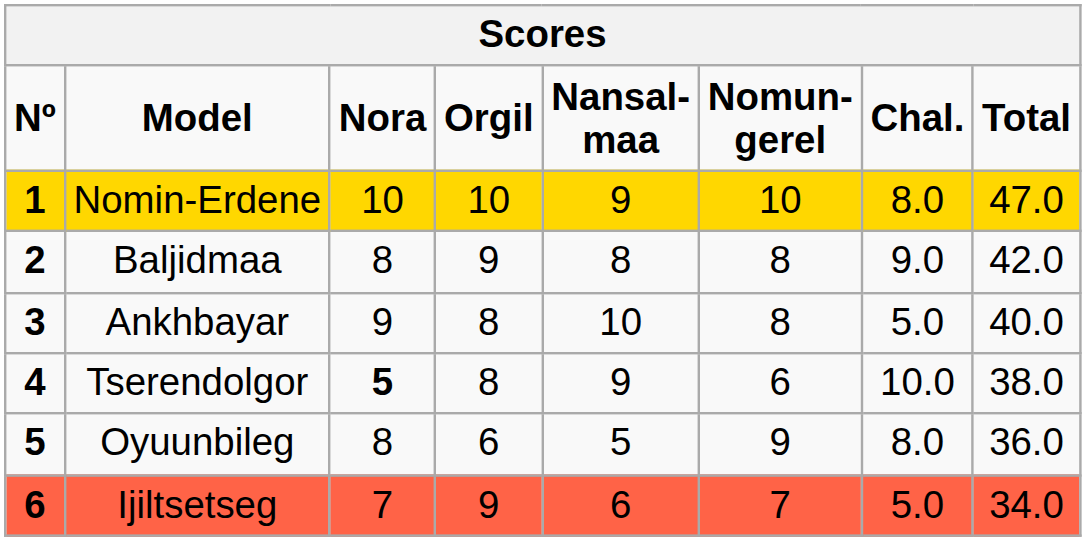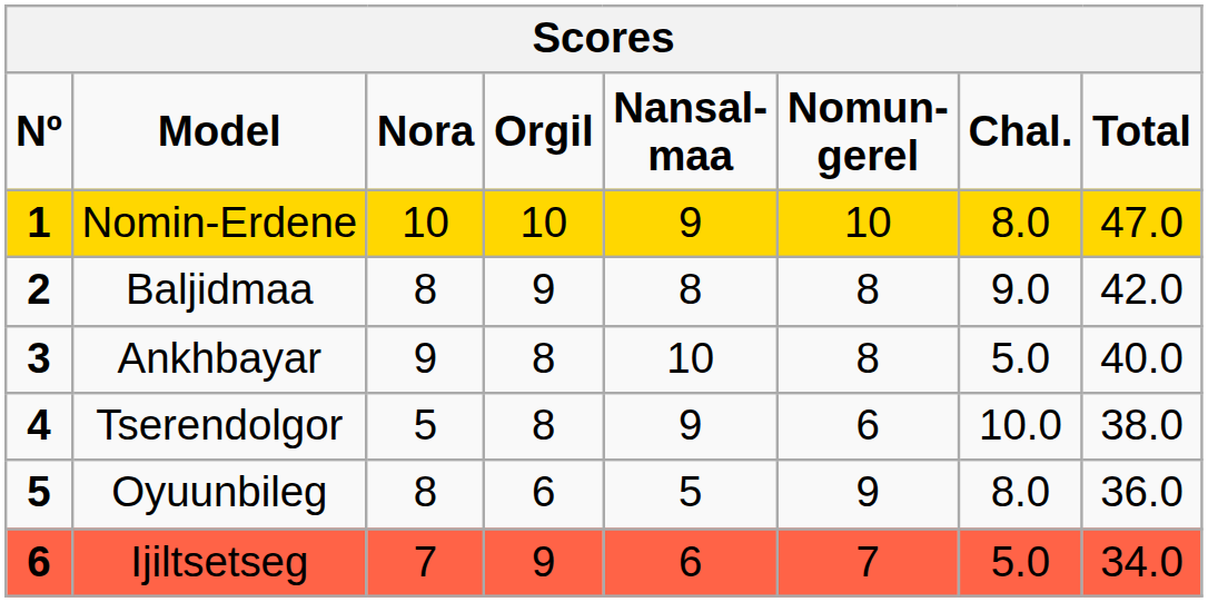 <table class="wikitable collapsible autocollapse" style="text-align:center;">
 <tr>
 <th colspan="8">Scores</th>
 </tr>
 <tr>
 <td><strong>Nº</strong></td>
 <td><strong>Model</strong></td>
 <td><strong>Nora</strong></td>
 <td><strong>Orgil</strong></td>
 <td><strong>Nansal-<br>maa</strong></td>
 <td><strong>Nomun-<br>gerel</strong></td>
 <td><strong>Chal.</strong></td>
 <td><strong>Total</strong></td>
 </tr>
 <tr>
 <td style="background:gold"><strong>1</strong></td>
 <td style="background:gold">Nomin-Erdene</td>
 <td style="background:gold">10</td>
 <td style="background:gold">10</td>
 <td style="background:gold">9</td>
 <td style="background:gold">10</td>
 <td style="background:gold">8.0</td>
 <td style="background:gold">47.0</td>
 </tr>
 <tr>
 <td><strong>2</strong></td>
 <td>Baljidmaa</td>
 <td>8</td>
 <td>9</td>
 <td>8</td>
 <td>8</td>
 <td>9.0</td>
 <td>42.0</td>
 </tr>
 <tr>
 <td><strong>3</strong></td>
 <td>Ankhbayar</td>
 <td>9</td>
 <td>8</td>
 <td>10</td>
 <td>8</td>
 <td>5.0</td>
 <td>40.0</td>
 </tr>
 <tr>
 <td><strong>4</strong></td>
 <td>Tserendolgor</td>
-<td><strong>5</strong></td>
+<td>5</td>
 <td>8</td>
 <td>9</td>
 <td>6</td>
 <td>10.0</td>
 <td>38.0</td>
 </tr>
 <tr>
 <td><strong>5</strong></td>
 <td>Oyuunbileg</td>
 <td>8</td>
 <td>6</td>
 <td>5</td>
 <td>9</td>
 <td>8.0</td>
 <td>36.0</td>
 </tr>
 <tr>
 <td style="background:tomato"><strong>6</strong></td>
 <td style="background:tomato">Ijiltsetseg</td>
 <td style="background:tomato">7</td>
 <td style="background:tomato">9</td>
 <td style="background:tomato">6</td>
 <td style="background:tomato">7</td>
 <td style="background:tomato">5.0</td>
 <td style="background:tomato">34.0</td>
 </tr>
 </table>
